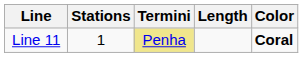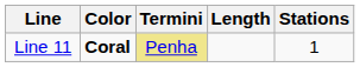 <table class="wikitable">
 <tr>
 <th align="center" width="60px">Line</th>
-<th align="center">Stations</th>
+<th align="center">Color</th>
 <th align="center">Termini</th>
 <th align="center">Length</th>
-<th align="center">Color</th>
+<th align="center">Stations</th>
 </tr>
 <tr>
 <td align="center"><a href='#'>Line 11</a></td>
-<td align="center">1</td>
+<td><strong>Coral</strong></td>
 <td align="center" style="background: khaki;"><a href='#'>Penha</a></td>
 <td></td>
-<td><strong>Coral</strong></td>
+<td align="center">1</td>
 </tr>
 </table>
